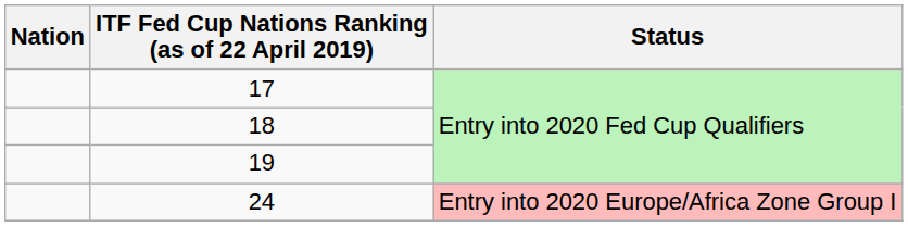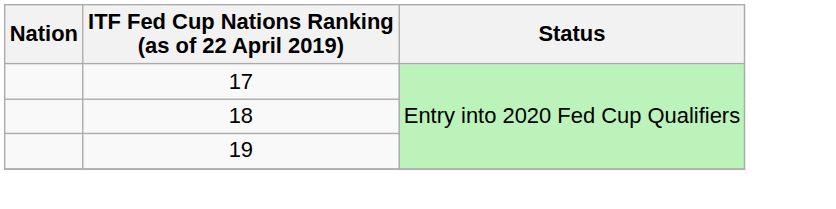 <table class="wikitable">
 <tr>
 <th>Nation</th>
 <th>ITF Fed Cup Nations Ranking <br> (as of 22 April 2019)</th>
 <th>Status</th>
 </tr>
 <tr>
 <td></td>
 <td style="text-align: center">17</td>
 <td rowspan="3" style="background: #BBF3BB;">Entry into 2020 Fed Cup Qualifiers</td>
 </tr>
 <tr>
 <td></td>
 <td style="text-align: center">18</td>
 </tr>
 <tr>
 <td></td>
 <td style="text-align: center">19</td>
 </tr>
 <tr>
-<td></td>
-<td style="text-align: center">24</td>
-<td rowspan="1" style="background: #FFBBBB;">Entry into 2020 Europe/Africa Zone Group I</td>
-</tr>
-<tr>
 </tr>
 </table>
